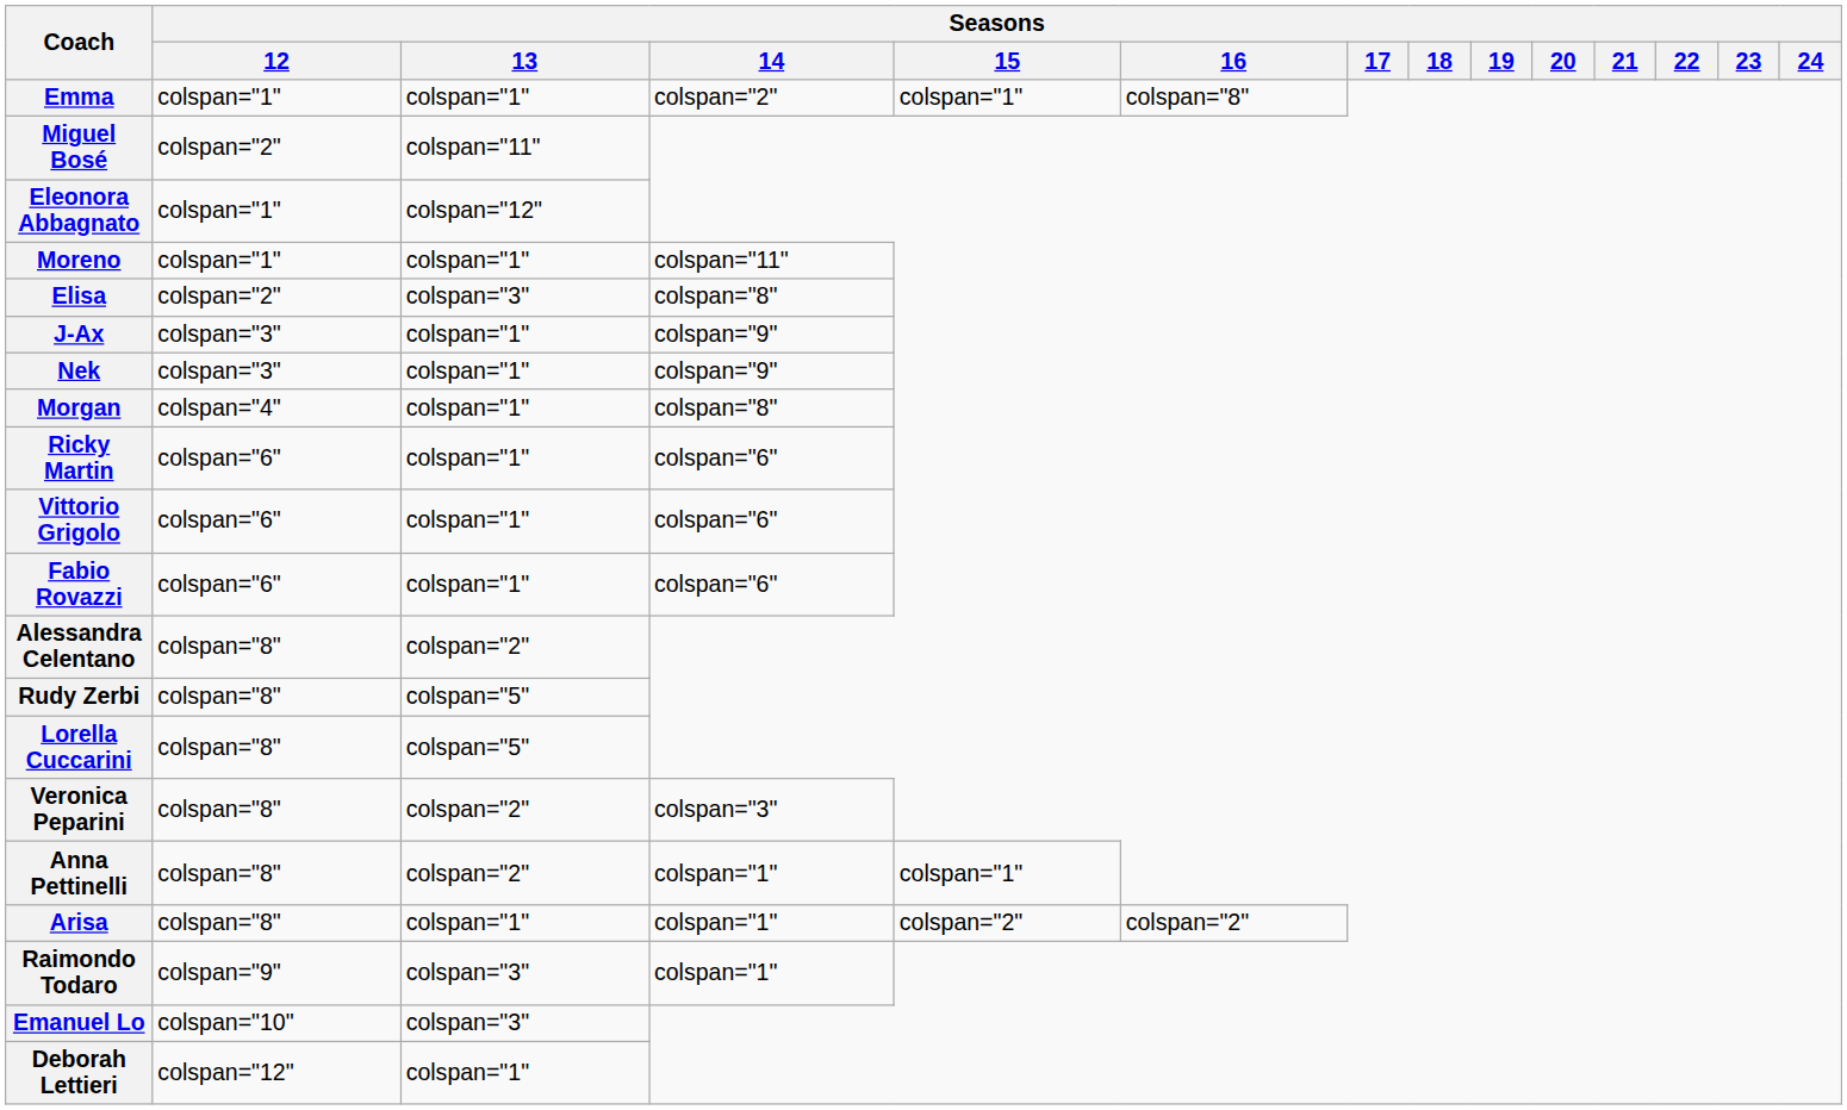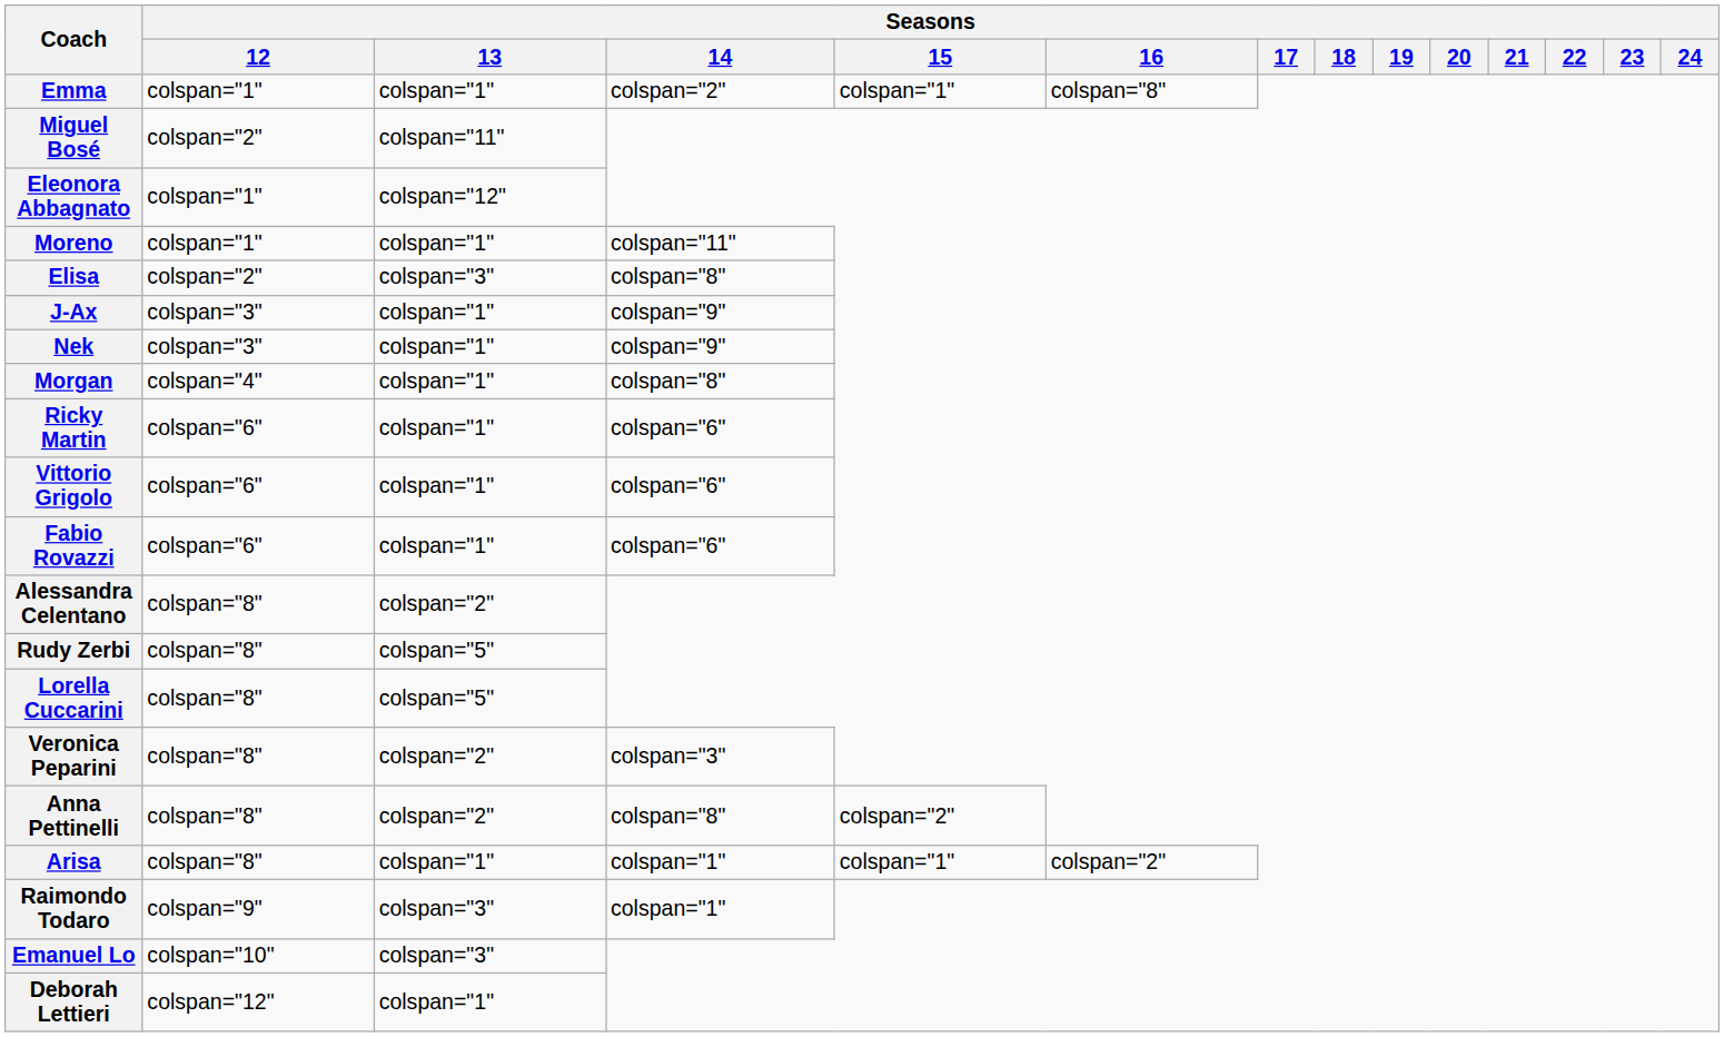 <table class="wikitable plainrowheaders collapsible mw-collapsible nowrap" style="width:100%" style="text-align:center">
 <tr>
 <th rowspan="2" style="width:08%">Coach</th>
 <th colspan="13">Seasons</th>
 </tr>
 <tr>
 <th><a href='#'>12</a></th>
 <th><a href='#'>13</a></th>
 <th><a href='#'>14</a></th>
 <th><a href='#'>15</a></th>
 <th><a href='#'>16</a></th>
 <th><a href='#'>17</a></th>
 <th><a href='#'>18</a></th>
 <th><a href='#'>19</a></th>
 <th><a href='#'>20</a></th>
 <th><a href='#'>21</a></th>
 <th><a href='#'>22</a></th>
 <th><a href='#'>23</a></th>
 <th><a href='#'>24</a></th>
 </tr>
 <tr>
 <th scope=row><a href='#'>Emma</a></th>
 <td>colspan="1" </td>
 <td>colspan="1" </td>
 <td>colspan="2" </td>
 <td>colspan="1" </td>
 <td>colspan="8" </td>
 </tr>
 <tr>
 <th scope=row><a href='#'>Miguel Bosé</a></th>
 <td>colspan="2" </td>
 <td>colspan="11" </td>
 </tr>
 <tr>
 <th scope=row><a href='#'>Eleonora Abbagnato</a></th>
 <td>colspan="1" </td>
 <td>colspan="12" </td>
 </tr>
 <tr>
 <th scope=row><a href='#'>Moreno</a></th>
 <td>colspan="1" </td>
 <td>colspan="1" </td>
 <td>colspan="11" </td>
 </tr>
 <tr>
 <th scope=row><a href='#'>Elisa</a></th>
 <td>colspan="2" </td>
 <td>colspan="3" </td>
 <td>colspan="8" </td>
 </tr>
 <tr>
 <th scope=row><a href='#'>J-Ax</a></th>
 <td>colspan="3" </td>
 <td>colspan="1" </td>
 <td>colspan="9" </td>
 </tr>
 <tr>
 <th scope=row><a href='#'>Nek</a></th>
 <td>colspan="3" </td>
 <td>colspan="1" </td>
 <td>colspan="9" </td>
 </tr>
 <tr>
 <th scope=row><a href='#'>Morgan</a></th>
 <td>colspan="4" </td>
 <td>colspan="1" </td>
 <td>colspan="8" </td>
 </tr>
 <tr>
 <th scope=row><a href='#'>Ricky Martin</a></th>
 <td>colspan="6" </td>
 <td>colspan="1" </td>
 <td>colspan="6" </td>
 </tr>
 <tr>
 <th scope=row><a href='#'>Vittorio Grigolo</a></th>
 <td>colspan="6" </td>
 <td>colspan="1" </td>
 <td>colspan="6" </td>
 </tr>
 <tr>
 <th scope=row><a href='#'>Fabio Rovazzi</a></th>
 <td>colspan="6" </td>
 <td>colspan="1" </td>
 <td>colspan="6" </td>
 </tr>
 <tr>
 <th scope=row>Alessandra Celentano</th>
 <td>colspan="8" </td>
 <td>colspan="2" </td>
 </tr>
 <tr>
 <th scope=row>Rudy Zerbi</th>
 <td>colspan="8" </td>
 <td>colspan="5" </td>
 </tr>
 <tr>
 <th scope=row><a href='#'>Lorella Cuccarini</a></th>
 <td>colspan="8" </td>
 <td>colspan="5" </td>
 </tr>
 <tr>
 <th scope=row>Veronica Peparini</th>
 <td>colspan="8" </td>
 <td>colspan="2" </td>
 <td>colspan="3" </td>
 </tr>
 <tr>
 <th scope=row>Anna Pettinelli</th>
 <td>colspan="8" </td>
 <td>colspan="2" </td>
-<td>colspan="1" </td>
-<td>colspan="1" </td>
+<td>colspan="8" </td>
+<td>colspan="2" </td>
 </tr>
 <tr>
 <th scope=row><a href='#'>Arisa</a></th>
 <td>colspan="8" </td>
 <td>colspan="1" </td>
 <td>colspan="1" </td>
-<td>colspan="2" </td>
+<td>colspan="1" </td>
 <td>colspan="2" </td>
 </tr>
 <tr>
 <th scope=row>Raimondo Todaro</th>
 <td>colspan="9" </td>
 <td>colspan="3" </td>
 <td>colspan="1" </td>
 </tr>
 <tr>
 <th scope=row><a href='#'>Emanuel Lo</a></th>
 <td>colspan="10" </td>
 <td>colspan="3" </td>
 </tr>
 <tr>
 <th scope=row>Deborah Lettieri</th>
 <td>colspan="12" </td>
 <td>colspan="1" </td>
 </tr>
 </table>
